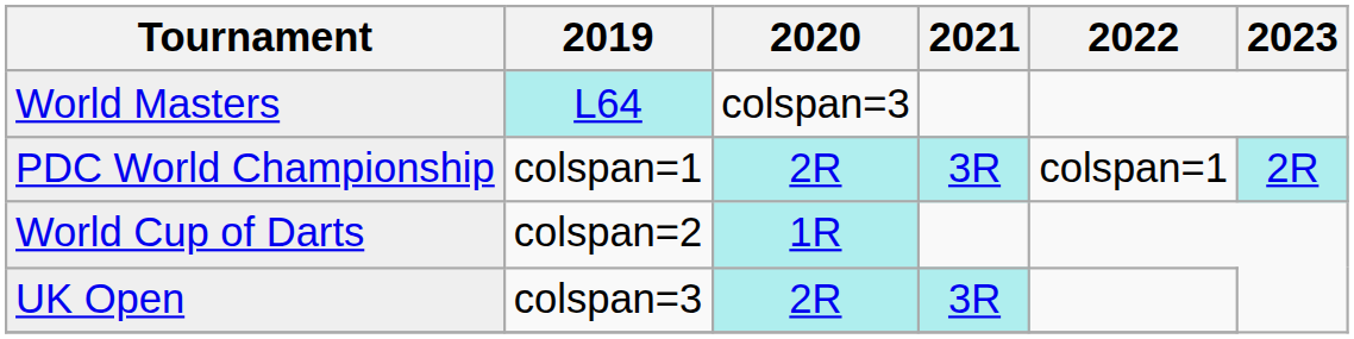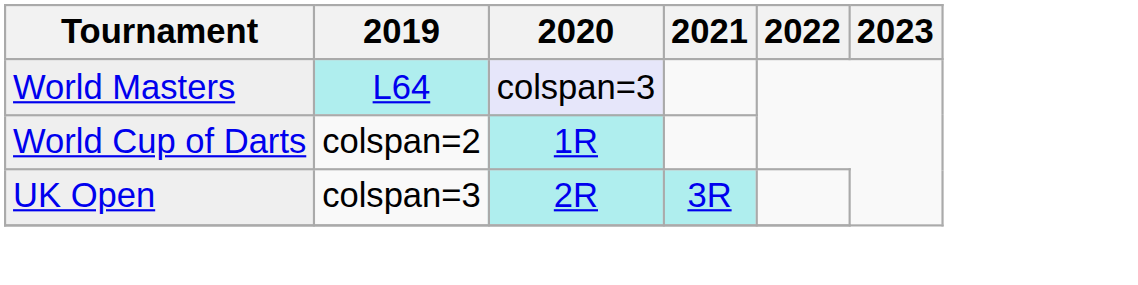 <table class="wikitable">
 <tr>
 <th>Tournament</th>
 <th>2019</th>
 <th>2020</th>
 <th>2021</th>
 <th>2022</th>
 <th>2023</th>
 </tr>
 <tr>
 <td style="background:#efefef;"><a href='#'>World Masters</a></td>
 <td style="text-align:center; background:#afeeee;"><a href='#'>L64</a></td>
-<td>colspan=3 </td>
+<td style="background: lavender;">colspan=3 </td>
 <td></td>
-</tr>
-<tr>
-<td style="background:#efefef;"><a href='#'>PDC World Championship</a></td>
-<td>colspan=1 </td>
-<td style="text-align:center; background:#afeeee;"><a href='#'>2R</a></td>
-<td style="text-align:center; background:#afeeee;"><a href='#'>3R</a></td>
-<td>colspan=1 </td>
-<td style="text-align:center; background:#afeeee;"><a href='#'>2R</a></td>
 </tr>
 <tr>
 <td style="background:#efefef;"><a href='#'>World Cup of Darts</a></td>
 <td>colspan=2 </td>
 <td style="text-align:center; background:#afeeee;"><a href='#'>1R</a></td>
 <td></td>
 </tr>
 <tr>
 <td style="background:#efefef;"><a href='#'>UK Open</a></td>
 <td>colspan=3 </td>
 <td style="text-align:center; background:#afeeee;"><a href='#'>2R</a></td>
 <td style="text-align:center; background:#afeeee;"><a href='#'>3R</a></td>
 <td></td>
 </tr>
 <tr>
 </tr>
 </table>
